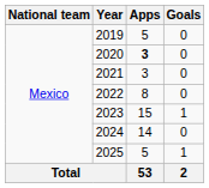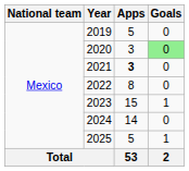 <table class="wikitable" style="text-align:center">
 <tr>
 <th>National team</th>
 <th>Year</th>
 <th>Apps</th>
 <th>Goals</th>
 </tr>
 <tr>
 <td rowspan=7><a href='#'>Mexico</a></td>
 <td>2019</td>
 <td>5</td>
 <td>0</td>
 </tr>
 <tr>
 <td>2020</td>
-<td><strong>3</strong></td>
-<td>0</td>
+<td>3</td>
+<td style="background: lightgreen;">0</td>
 </tr>
 <tr>
 <td>2021</td>
-<td>3</td>
+<td><strong>3</strong></td>
 <td>0</td>
 </tr>
 <tr>
 <td>2022</td>
 <td>8</td>
 <td>0</td>
 </tr>
 <tr>
 <td>2023</td>
 <td>15</td>
 <td>1</td>
 </tr>
 <tr>
 <td>2024</td>
 <td>14</td>
 <td>0</td>
 </tr>
 <tr>
 <td>2025</td>
 <td>5</td>
 <td>1</td>
 </tr>
 <tr>
 <th colspan=2>Total</th>
 <th>53</th>
 <th>2</th>
 </tr>
 </table>
